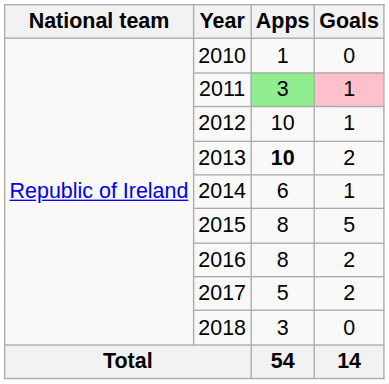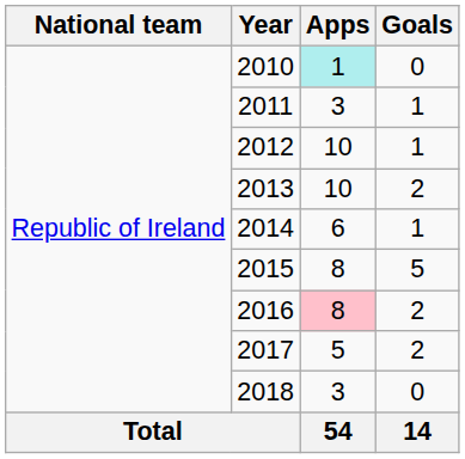 <table class="wikitable" style="text-align:center">
 <tr>
 <th>National team</th>
 <th>Year</th>
 <th>Apps</th>
 <th>Goals</th>
 </tr>
 <tr>
 <td rowspan="9"><a href='#'>Republic of Ireland</a></td>
 <td>2010</td>
-<td>1</td>
+<td style="background: paleturquoise;">1</td>
 <td>0</td>
 </tr>
 <tr>
 <td>2011</td>
-<td style="background: lightgreen;">3</td>
-<td style="background: pink;">1</td>
+<td>3</td>
+<td>1</td>
 </tr>
 <tr>
 <td>2012</td>
 <td>10</td>
 <td>1</td>
 </tr>
 <tr>
 <td>2013</td>
-<td><strong>10</strong></td>
+<td>10</td>
 <td>2</td>
 </tr>
 <tr>
 <td>2014</td>
 <td>6</td>
 <td>1</td>
 </tr>
 <tr>
 <td>2015</td>
 <td>8</td>
 <td>5</td>
 </tr>
 <tr>
 <td>2016</td>
-<td>8</td>
+<td style="background: pink;">8</td>
 <td>2</td>
 </tr>
 <tr>
 <td>2017</td>
 <td>5</td>
 <td>2</td>
 </tr>
 <tr>
 <td>2018</td>
 <td>3</td>
 <td>0</td>
 </tr>
 <tr>
 <th colspan="2">Total</th>
 <th>54</th>
 <th>14</th>
 </tr>
 </table>
